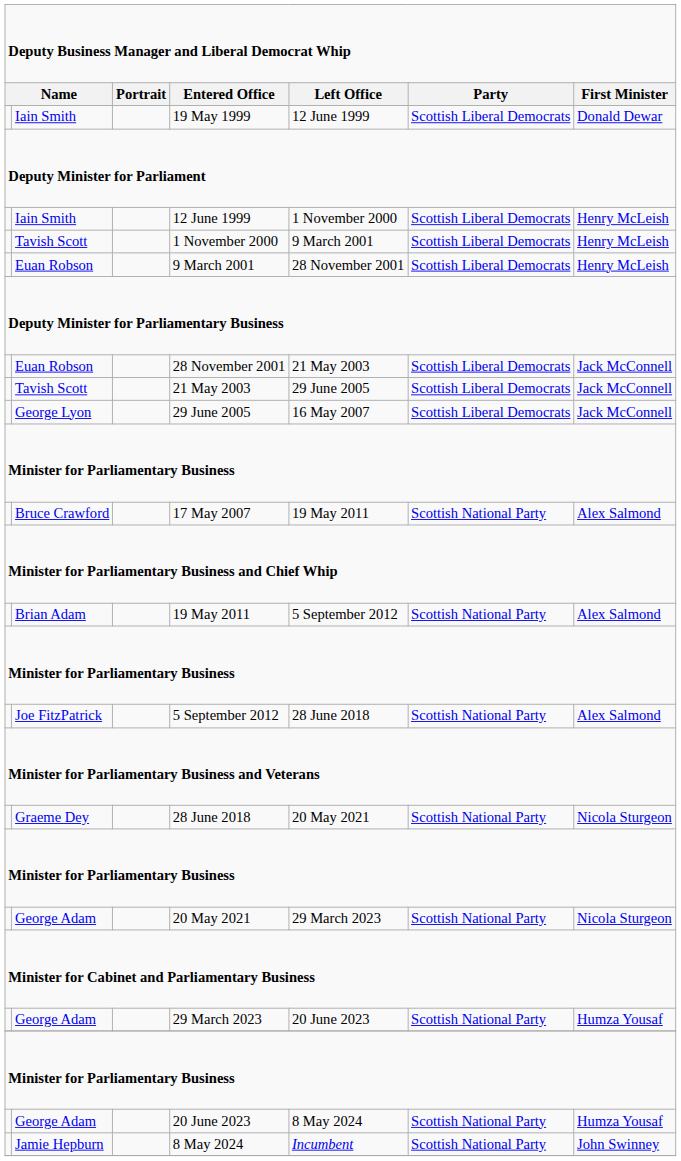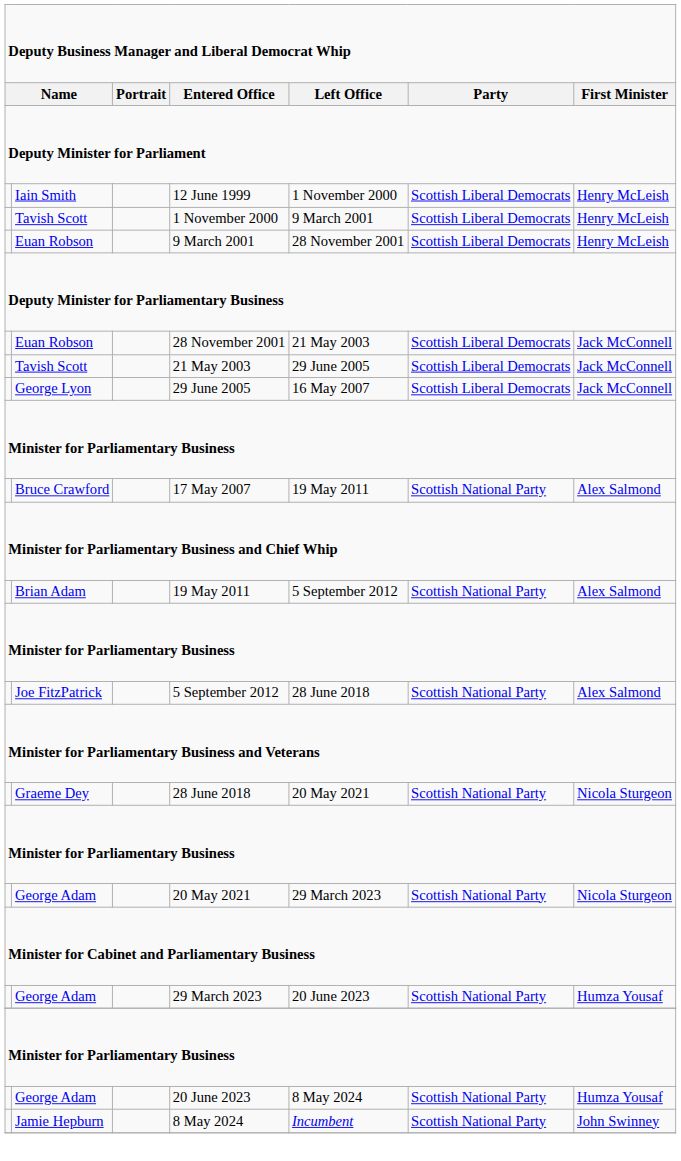 <table class="wikitable" style="margin: 0 0 0 1em; background: #f9f9f9; border: 1px #aaaaaa solid; border-collapse: collapse; ">
 <tr>
 <td colspan="7"><br><h4>Deputy Business Manager and Liberal Democrat Whip</h4></td>
 </tr>
 <tr>
 <th colspan="2">Name</th>
 <th>Portrait</th>
 <th>Entered Office</th>
 <th>Left Office</th>
 <th>Party</th>
 <th>First Minister</th>
-</tr>
-<tr>
-<td></td>
-<td><a href='#'>Iain Smith</a></td>
-<td></td>
-<td>19 May 1999</td>
-<td>12 June 1999</td>
-<td><a href='#'>Scottish Liberal Democrats</a></td>
-<td><a href='#'>Donald Dewar</a></td>
 </tr>
 <tr>
 <td colspan="7"><br><h4>Deputy Minister for Parliament</h4></td>
 </tr>
 <tr>
 <td></td>
 <td><a href='#'>Iain Smith</a></td>
 <td></td>
 <td>12 June 1999</td>
 <td>1 November 2000</td>
 <td><a href='#'>Scottish Liberal Democrats</a></td>
 <td><a href='#'>Henry McLeish</a></td>
 </tr>
 <tr>
 <td></td>
 <td><a href='#'>Tavish Scott</a></td>
 <td></td>
 <td>1 November 2000</td>
 <td>9 March 2001</td>
 <td><a href='#'>Scottish Liberal Democrats</a></td>
 <td><a href='#'>Henry McLeish</a></td>
 </tr>
 <tr>
 <td></td>
 <td><a href='#'>Euan Robson</a></td>
 <td></td>
 <td>9 March 2001</td>
 <td>28 November 2001</td>
 <td><a href='#'>Scottish Liberal Democrats</a></td>
 <td><a href='#'>Henry McLeish</a></td>
 </tr>
 <tr>
 <td colspan="7"><br><h4>Deputy Minister for Parliamentary Business</h4></td>
 </tr>
 <tr>
 <td></td>
 <td><a href='#'>Euan Robson</a></td>
 <td></td>
 <td>28 November 2001</td>
 <td>21 May 2003</td>
 <td><a href='#'>Scottish Liberal Democrats</a></td>
 <td><a href='#'>Jack McConnell</a></td>
 </tr>
 <tr>
 <td></td>
 <td><a href='#'>Tavish Scott</a></td>
 <td></td>
 <td>21 May 2003</td>
 <td>29 June 2005</td>
 <td><a href='#'>Scottish Liberal Democrats</a></td>
 <td><a href='#'>Jack McConnell</a></td>
 </tr>
 <tr>
 <td></td>
 <td><a href='#'>George Lyon</a></td>
 <td></td>
 <td>29 June 2005</td>
 <td>16 May 2007</td>
 <td><a href='#'>Scottish Liberal Democrats</a></td>
 <td><a href='#'>Jack McConnell</a></td>
 </tr>
 <tr>
 <td colspan="7"><br><h4>Minister for Parliamentary Business</h4></td>
 </tr>
 <tr>
 <td></td>
 <td><a href='#'>Bruce Crawford</a></td>
 <td></td>
 <td>17 May 2007</td>
 <td>19 May 2011</td>
 <td><a href='#'>Scottish National Party</a></td>
 <td><a href='#'>Alex Salmond</a></td>
 </tr>
 <tr>
 <td colspan="7"><br><h4>Minister for Parliamentary Business and Chief Whip</h4></td>
 </tr>
 <tr>
 <td></td>
 <td><a href='#'>Brian Adam</a></td>
 <td></td>
 <td>19 May 2011</td>
 <td>5 September 2012</td>
 <td><a href='#'>Scottish National Party</a></td>
 <td><a href='#'>Alex Salmond</a></td>
 </tr>
 <tr>
 <td colspan="7"><br><h4>Minister for Parliamentary Business</h4></td>
 </tr>
 <tr>
 <td></td>
 <td><a href='#'>Joe FitzPatrick</a></td>
 <td></td>
 <td>5 September 2012</td>
 <td>28 June 2018</td>
 <td><a href='#'>Scottish National Party</a></td>
 <td><a href='#'>Alex Salmond</a></td>
 </tr>
 <tr>
 <td colspan="7"><br><h4>Minister for Parliamentary Business and Veterans</h4></td>
 </tr>
 <tr>
 <td></td>
 <td><a href='#'>Graeme Dey</a></td>
 <td></td>
 <td>28 June 2018</td>
 <td>20 May 2021</td>
 <td><a href='#'>Scottish National Party</a></td>
 <td><a href='#'>Nicola Sturgeon</a></td>
 </tr>
 <tr>
 <td colspan="7"><br><h4>Minister for Parliamentary Business</h4></td>
 </tr>
 <tr>
 <td></td>
 <td><a href='#'>George Adam</a></td>
 <td></td>
 <td>20 May 2021</td>
 <td>29 March 2023</td>
 <td><a href='#'>Scottish National Party</a></td>
 <td><a href='#'>Nicola Sturgeon</a></td>
 </tr>
 <tr>
 <td colspan="7"><br><h4>Minister for Cabinet and Parliamentary Business</h4></td>
 </tr>
 <tr>
 <td></td>
 <td><a href='#'>George Adam</a></td>
 <td></td>
 <td>29 March 2023</td>
 <td>20 June 2023</td>
 <td><a href='#'>Scottish National Party</a></td>
 <td><a href='#'>Humza Yousaf</a></td>
 </tr>
 <tr>
 </tr>
 <tr>
 <td colspan="7"><br><h4>Minister for Parliamentary Business</h4></td>
 </tr>
 <tr>
 <td></td>
 <td><a href='#'>George Adam</a></td>
 <td></td>
 <td>20 June 2023</td>
 <td>8 May 2024</td>
 <td><a href='#'>Scottish National Party</a></td>
 <td><a href='#'>Humza Yousaf</a></td>
 </tr>
 <tr>
 <td></td>
 <td><a href='#'>Jamie Hepburn</a></td>
 <td></td>
 <td>8 May 2024</td>
 <td><em><a href='#'>Incumbent</a></em></td>
 <td><a href='#'>Scottish National Party</a></td>
 <td><a href='#'>John Swinney</a></td>
 </tr>
 <tr>
 </tr>
 </table>
